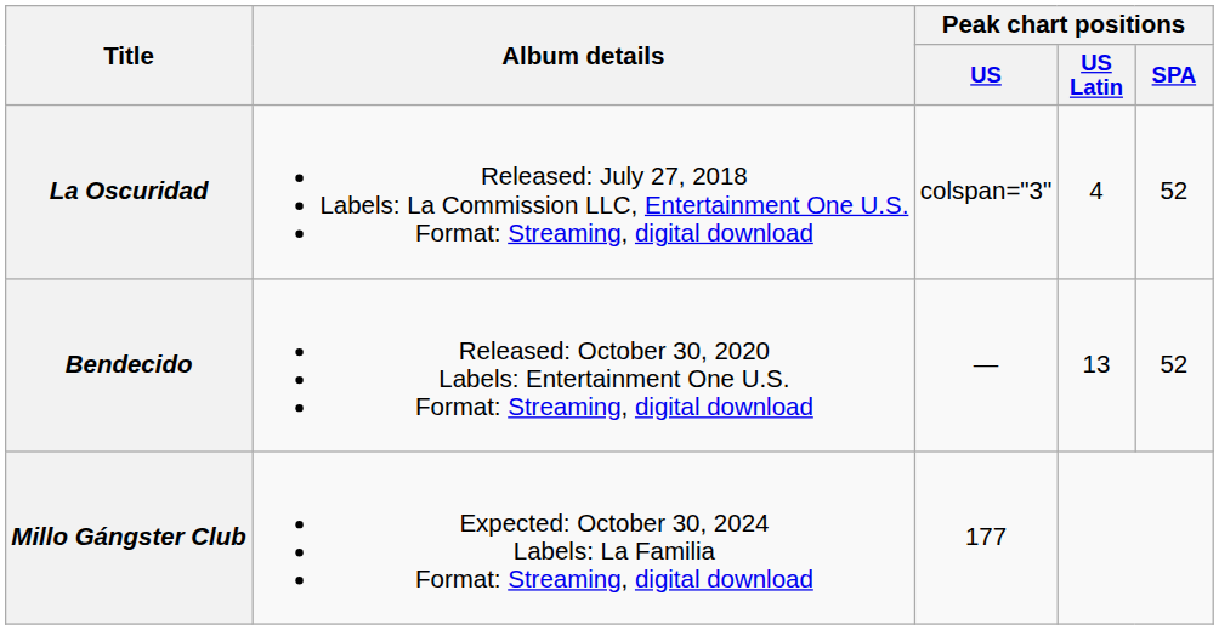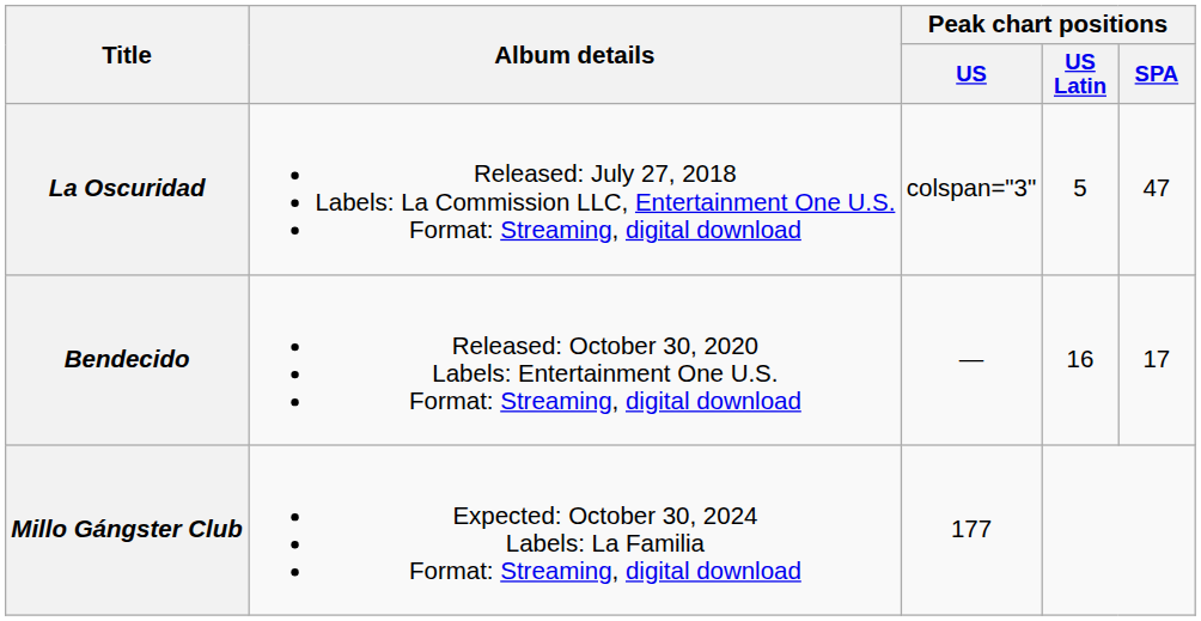 <table class="wikitable plainrowheaders" style="text-align: center;">
 <tr>
 <th scope="col" rowspan="2">Title</th>
 <th scope="col" rowspan="2">Album details</th>
 <th scope="col" colspan="3">Peak chart positions</th>
 </tr>
 <tr>
 <th scope="col" style="width:3em;font-size:90%;"><a href='#'>US</a><br></th>
 <th scope="col" style="width:3em;font-size:90%;"><a href='#'>US<br>Latin</a><br></th>
 <th scope="col" style="width:3em;font-size:90%;"><a href='#'>SPA</a><br></th>
 </tr>
 <tr>
 <th scope="row"><em>La Oscuridad</em></th>
 <td><br><ul><li>Released: July 27, 2018</li><li>Labels: La Commission LLC, <a href='#'>Entertainment One U.S.</a></li><li>Format: <a href='#'>Streaming</a>, <a href='#'>digital download</a></li></ul></td>
 <td>colspan="3" </td>
-<td>4</td>
-<td>52</td>
+<td>5</td>
+<td>47</td>
 </tr>
 <tr>
 <th scope="row"><em>Bendecido</em></th>
 <td><br><ul><li>Released: October 30, 2020</li><li>Labels: Entertainment One U.S.</li><li>Format: <a href='#'>Streaming</a>, <a href='#'>digital download</a></li></ul></td>
 <td>—</td>
-<td>13</td>
-<td>52</td>
+<td>16</td>
+<td>17</td>
 </tr>
 <tr>
 <th scope="row"><em>Millo Gángster Club</em></th>
 <td><br><ul><li>Expected: October 30, 2024</li><li>Labels: La Familia</li><li>Format: <a href='#'>Streaming</a>, <a href='#'>digital download</a></li></ul></td>
 <td>177</td>
 </tr>
 </table>
